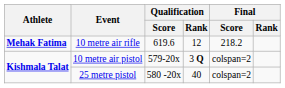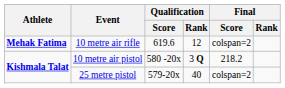 <table class="wikitable" style="text-align:center; font-size:90%">
 <tr>
 <th rowspan="2">Athlete</th>
 <th rowspan="2">Event</th>
 <th colspan="2">Qualification</th>
 <th colspan="2">Final</th>
 </tr>
 <tr>
 <th>Score</th>
 <th>Rank</th>
 <th>Score</th>
 <th>Rank</th>
 </tr>
 <tr>
 <td align=left><strong><a href='#'>Mehak Fatima</a></strong></td>
 <td><a href='#'>10 metre air rifle</a></td>
 <td>619.6</td>
 <td>12</td>
-<td>218.2</td>
+<td>colspan=2</td>
 </tr>
 <tr>
 <td align=left rowspan="2"><strong><a href='#'>Kishmala Talat</a></strong></td>
 <td><a href='#'>10 metre air pistol</a></td>
-<td>579-20x</td>
+<td>580 -20x</td>
 <td>3 <strong>Q</strong></td>
-<td>colspan=2</td>
+<td>218.2</td>
 <td></td>
 </tr>
 <tr>
 <td><a href='#'>25 metre pistol</a></td>
-<td>580 -20x</td>
+<td>579-20x</td>
 <td>40</td>
 <td>colspan=2</td>
 </tr>
 </table>
